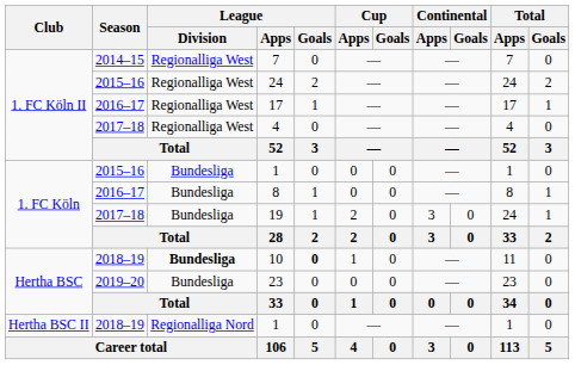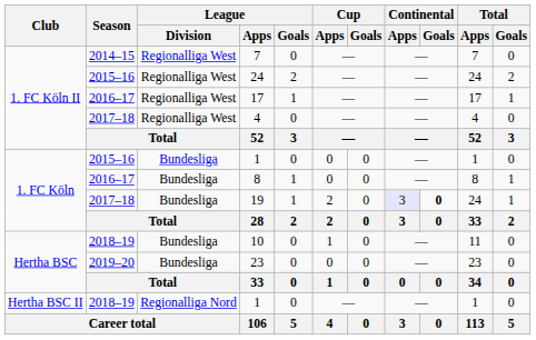 <table class="wikitable" style="text-align:center">
 <tr>
 <th rowspan="2">Club</th>
 <th rowspan="2">Season</th>
 <th colspan="3">League</th>
 <th colspan="2">Cup</th>
 <th colspan="2">Continental</th>
 <th colspan="2">Total</th>
 </tr>
 <tr>
 <th>Division</th>
 <th>Apps</th>
 <th>Goals</th>
 <th>Apps</th>
 <th>Goals</th>
 <th>Apps</th>
 <th>Goals</th>
 <th>Apps</th>
 <th>Goals</th>
 </tr>
 <tr>
 <td rowspan="5"><a href='#'>1. FC Köln II</a></td>
 <td><a href='#'>2014–15</a></td>
 <td><a href='#'>Regionalliga West</a></td>
 <td>7</td>
 <td>0</td>
 <td colspan="2">—</td>
 <td colspan="2">—</td>
 <td>7</td>
 <td>0</td>
 </tr>
 <tr>
 <td><a href='#'>2015–16</a></td>
 <td>Regionalliga West</td>
 <td>24</td>
 <td>2</td>
 <td colspan="2">—</td>
 <td colspan="2">—</td>
 <td>24</td>
 <td>2</td>
 </tr>
 <tr>
 <td><a href='#'>2016–17</a></td>
 <td>Regionalliga West</td>
 <td>17</td>
 <td>1</td>
 <td colspan="2">—</td>
 <td colspan="2">—</td>
 <td>17</td>
 <td>1</td>
 </tr>
 <tr>
 <td><a href='#'>2017–18</a></td>
 <td>Regionalliga West</td>
 <td>4</td>
 <td>0</td>
 <td colspan="2">—</td>
 <td colspan="2">—</td>
 <td>4</td>
 <td>0</td>
 </tr>
 <tr>
 <th colspan="2">Total</th>
 <th>52</th>
 <th>3</th>
 <th colspan="2">—</th>
 <th colspan="2">—</th>
 <th>52</th>
 <th>3</th>
 </tr>
 <tr>
 <td rowspan="4"><a href='#'>1. FC Köln</a></td>
 <td><a href='#'>2015–16</a></td>
 <td><a href='#'>Bundesliga</a></td>
 <td>1</td>
 <td>0</td>
 <td>0</td>
 <td>0</td>
 <td colspan="2">—</td>
 <td>1</td>
 <td>0</td>
 </tr>
 <tr>
 <td><a href='#'>2016–17</a></td>
 <td>Bundesliga</td>
 <td>8</td>
 <td>1</td>
 <td>0</td>
 <td>0</td>
 <td colspan="2">—</td>
 <td>8</td>
 <td>1</td>
 </tr>
 <tr>
 <td><a href='#'>2017–18</a></td>
 <td>Bundesliga</td>
 <td>19</td>
 <td>1</td>
 <td>2</td>
 <td>0</td>
-<td>3</td>
-<td>0</td>
+<td style="background: lavender;">3</td>
+<td><strong>0</strong></td>
 <td>24</td>
 <td>1</td>
 </tr>
 <tr>
 <th colspan="2">Total</th>
 <th>28</th>
 <th>2</th>
 <th>2</th>
 <th>0</th>
 <th>3</th>
 <th>0</th>
 <th>33</th>
 <th>2</th>
 </tr>
 <tr>
 <td rowspan="3"><a href='#'>Hertha BSC</a></td>
 <td><a href='#'>2018–19</a></td>
-<td><strong>Bundesliga</strong></td>
+<td>Bundesliga</td>
 <td>10</td>
-<td><strong>0</strong></td>
+<td>0</td>
 <td>1</td>
 <td>0</td>
 <td colspan="2">—</td>
 <td>11</td>
 <td>0</td>
 </tr>
 <tr>
 <td><a href='#'>2019–20</a></td>
 <td>Bundesliga</td>
 <td>23</td>
 <td>0</td>
 <td>0</td>
 <td>0</td>
 <td colspan="2">—</td>
 <td>23</td>
 <td>0</td>
 </tr>
 <tr>
 <th colspan="2">Total</th>
 <th>33</th>
 <th>0</th>
 <th>1</th>
 <th>0</th>
 <th>0</th>
 <th>0</th>
 <th>34</th>
 <th>0</th>
 </tr>
 <tr>
 <td><a href='#'>Hertha BSC II</a></td>
 <td><a href='#'>2018–19</a></td>
 <td><a href='#'>Regionalliga Nord</a></td>
 <td>1</td>
 <td>0</td>
 <td colspan="2">—</td>
 <td colspan="2">—</td>
 <td>1</td>
 <td>0</td>
 </tr>
 <tr>
 <th colspan="3">Career total</th>
 <th>106</th>
 <th>5</th>
 <th>4</th>
 <th>0</th>
 <th>3</th>
 <th>0</th>
 <th>113</th>
 <th>5</th>
 </tr>
 </table>
